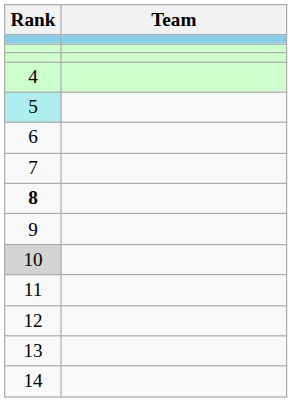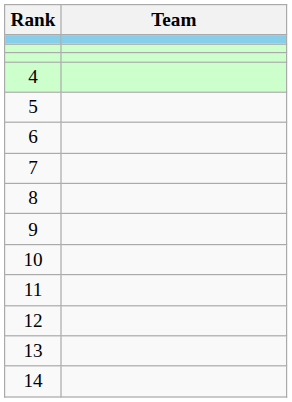 <table class="wikitable" style="text-align:center">
 <tr>
 <th width=40>Rank</th>
 <th width=180>Team</th>
 </tr>
 <tr bgcolor=#87ceeb>
 <td></td>
 <td style="text-align:left"></td>
 </tr>
 <tr bgcolor=#ccffcc>
 <td></td>
 <td style="text-align:left"></td>
 </tr>
 <tr bgcolor=#ccffcc>
 <td></td>
 <td style="text-align:left"></td>
 </tr>
 <tr bgcolor=#ccffcc>
 <td>4</td>
 <td style="text-align:left"></td>
 </tr>
 <tr>
-<td style="background: paleturquoise;">5</td>
+<td>5</td>
 <td style="text-align:left"></td>
 </tr>
 <tr>
 <td>6</td>
 <td style="text-align:left"></td>
 </tr>
 <tr>
 <td>7</td>
 <td style="text-align:left"></td>
 </tr>
 <tr>
-<td><strong>8</strong></td>
+<td>8</td>
 <td style="text-align:left"></td>
 </tr>
 <tr>
 <td>9</td>
 <td style="text-align:left"></td>
 </tr>
 <tr>
-<td style="background: lightgrey;">10</td>
+<td>10</td>
 <td style="text-align:left"></td>
 </tr>
 <tr>
 <td>11</td>
 <td style="text-align:left"></td>
 </tr>
 <tr>
 <td>12</td>
 <td style="text-align:left"></td>
 </tr>
 <tr>
 <td>13</td>
 <td style="text-align:left"></td>
 </tr>
 <tr>
 <td>14</td>
 <td style="text-align:left"></td>
 </tr>
 </table>
